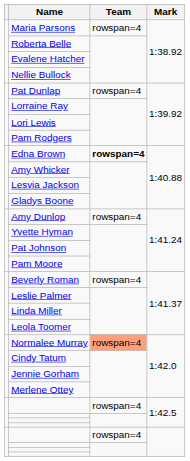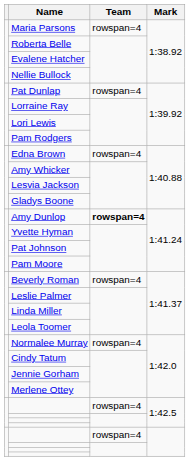 <table class=wikitable>
 <tr>
 <th></th>
 <th>Name</th>
 <th>Team</th>
 <th>Mark</th>
 </tr>
 <tr>
 <td rowspan=4></td>
 <td><a href='#'>Maria Parsons</a></td>
 <td>rowspan=4 </td>
 <td rowspan=4>1:38.92</td>
 </tr>
 <tr>
 <td><a href='#'>Roberta Belle</a></td>
 </tr>
 <tr>
 <td><a href='#'>Evalene Hatcher</a></td>
 </tr>
 <tr>
 <td><a href='#'>Nellie Bullock</a></td>
 </tr>
 <tr>
 <td rowspan=4></td>
 <td><a href='#'>Pat Dunlap</a></td>
 <td>rowspan=4 </td>
 <td rowspan=4>1:39.92</td>
 </tr>
 <tr>
 <td><a href='#'>Lorraine Ray</a></td>
 </tr>
 <tr>
 <td><a href='#'>Lori Lewis</a></td>
 </tr>
 <tr>
 <td><a href='#'>Pam Rodgers</a></td>
 </tr>
 <tr>
 <td rowspan=4></td>
 <td><a href='#'>Edna Brown</a></td>
-<td><strong>rowspan=4 </strong></td>
+<td>rowspan=4 </td>
 <td rowspan=4>1:40.88</td>
 </tr>
 <tr>
 <td><a href='#'>Amy Whicker</a></td>
 </tr>
 <tr>
 <td><a href='#'>Lesvia Jackson</a></td>
 </tr>
 <tr>
 <td><a href='#'>Gladys Boone</a></td>
 </tr>
 <tr>
 <td rowspan=4></td>
 <td><a href='#'>Amy Dunlop</a></td>
-<td>rowspan=4 </td>
+<td><strong>rowspan=4 </strong></td>
 <td rowspan=4>1:41.24</td>
 </tr>
 <tr>
 <td><a href='#'>Yvette Hyman</a></td>
 </tr>
 <tr>
 <td><a href='#'>Pat Johnson</a></td>
 </tr>
 <tr>
 <td><a href='#'>Pam Moore</a></td>
 </tr>
 <tr>
 <td rowspan=4></td>
 <td><a href='#'>Beverly Roman</a></td>
 <td>rowspan=4 </td>
 <td rowspan=4>1:41.37</td>
 </tr>
 <tr>
 <td><a href='#'>Leslie Palmer</a></td>
 </tr>
 <tr>
 <td><a href='#'>Linda Miller</a></td>
 </tr>
 <tr>
 <td><a href='#'>Leola Toomer</a></td>
 </tr>
 <tr>
 <td rowspan=4></td>
 <td><a href='#'>Normalee Murray</a></td>
-<td style="background: lightsalmon;">rowspan=4 </td>
+<td>rowspan=4 </td>
 <td rowspan=4>1:42.0</td>
 </tr>
 <tr>
 <td><a href='#'>Cindy Tatum</a></td>
 </tr>
 <tr>
 <td><a href='#'>Jennie Gorham</a></td>
 </tr>
 <tr>
 <td><a href='#'>Merlene Ottey</a></td>
 </tr>
 <tr>
 <td rowspan=4></td>
 <td></td>
 <td>rowspan=4 </td>
 <td rowspan=4>1:42.5</td>
 </tr>
 <tr>
 <td></td>
 </tr>
 <tr>
 <td></td>
 </tr>
 <tr>
 <td></td>
 </tr>
 <tr>
 <td rowspan=4></td>
 <td></td>
 <td>rowspan=4 </td>
 <td rowspan=4></td>
 </tr>
 <tr>
 <td></td>
 </tr>
 <tr>
 <td></td>
 </tr>
 <tr>
 <td></td>
 </tr>
 </table>
